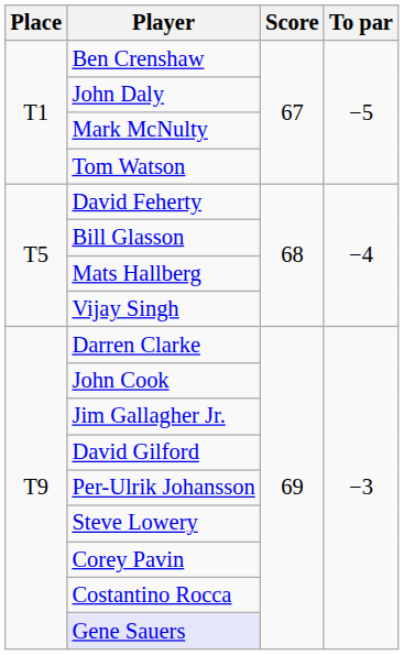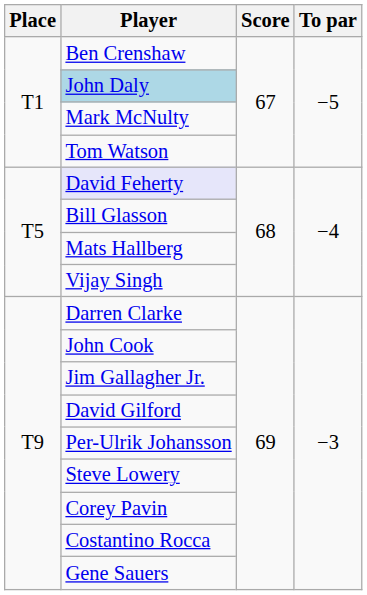 <table class="wikitable">
 <tr>
 <th>Place</th>
 <th>Player</th>
 <th>Score</th>
 <th>To par</th>
 </tr>
 <tr>
 <td rowspan="4" align=center>T1</td>
 <td> <a href='#'>Ben Crenshaw</a></td>
 <td rowspan="4" align=center>67</td>
 <td rowspan="4" align=center>−5</td>
 </tr>
 <tr>
-<td> <a href='#'>John Daly</a></td>
+<td style="background: lightblue;"> <a href='#'>John Daly</a></td>
 </tr>
 <tr>
 <td> <a href='#'>Mark McNulty</a></td>
 </tr>
 <tr>
 <td> <a href='#'>Tom Watson</a></td>
 </tr>
 <tr>
 <td rowspan="4" align=center>T5</td>
-<td> <a href='#'>David Feherty</a></td>
+<td style="background: lavender;"> <a href='#'>David Feherty</a></td>
 <td rowspan="4" align=center>68</td>
 <td rowspan="4" align=center>−4</td>
 </tr>
 <tr>
 <td> <a href='#'>Bill Glasson</a></td>
 </tr>
 <tr>
 <td> <a href='#'>Mats Hallberg</a></td>
 </tr>
 <tr>
 <td> <a href='#'>Vijay Singh</a></td>
 </tr>
 <tr>
 <td rowspan="9" align=center>T9</td>
 <td> <a href='#'>Darren Clarke</a></td>
 <td rowspan="9" align=center>69</td>
 <td rowspan="9" align=center>−3</td>
 </tr>
 <tr>
 <td> <a href='#'>John Cook</a></td>
 </tr>
 <tr>
 <td> <a href='#'>Jim Gallagher Jr.</a></td>
 </tr>
 <tr>
 <td> <a href='#'>David Gilford</a></td>
 </tr>
 <tr>
 <td> <a href='#'>Per-Ulrik Johansson</a></td>
 </tr>
 <tr>
 <td> <a href='#'>Steve Lowery</a></td>
 </tr>
 <tr>
 <td> <a href='#'>Corey Pavin</a></td>
 </tr>
 <tr>
 <td> <a href='#'>Costantino Rocca</a></td>
 </tr>
 <tr>
-<td style="background: lavender;"> <a href='#'>Gene Sauers</a></td>
+<td> <a href='#'>Gene Sauers</a></td>
 </tr>
 </table>
